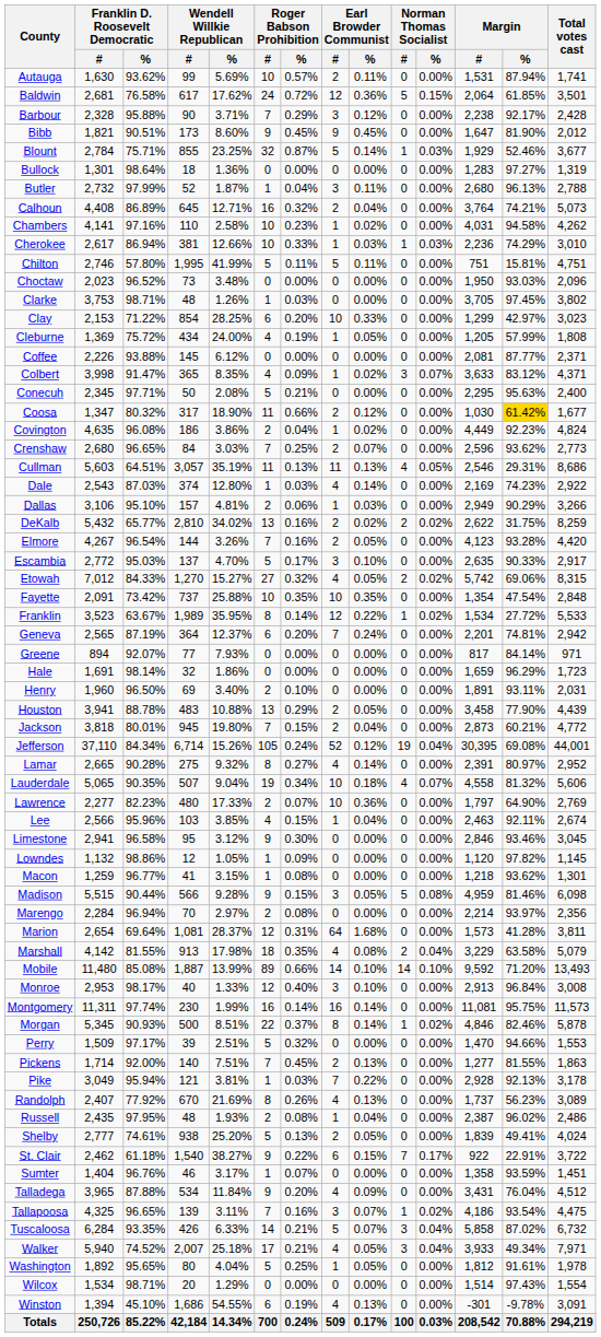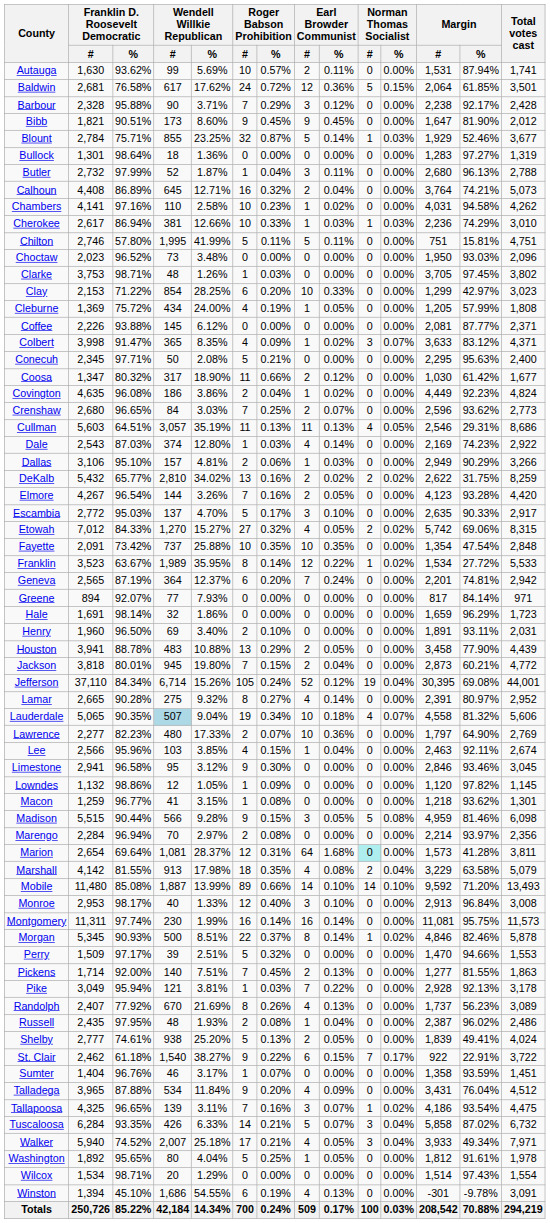 <table width="60%" class="wikitable sortable">
 <tr>
 <th rowspan="2">County</th>
 <th colspan="2">Franklin D. Roosevelt<br>Democratic</th>
 <th colspan="2">Wendell Willkie<br>Republican</th>
 <th colspan="2">Roger Babson<br>Prohibition</th>
 <th colspan="2">Earl Browder<br>Communist</th>
 <th colspan="2">Norman Thomas<br>Socialist</th>
 <th colspan="2">Margin</th>
 <th rowspan="2">Total votes cast</th>
 </tr>
 <tr>
 <th style="text-align:center;" data-sort-type="number">#</th>
 <th style="text-align:center;" data-sort-type="number">%</th>
 <th style="text-align:center;" data-sort-type="number">#</th>
 <th style="text-align:center;" data-sort-type="number">%</th>
 <th style="text-align:center;" data-sort-type="number">#</th>
 <th style="text-align:center;" data-sort-type="number">%</th>
 <th style="text-align:center;" data-sort-type="number">#</th>
 <th style="text-align:center;" data-sort-type="number">%</th>
 <th style="text-align:center;" data-sort-type="number">#</th>
 <th style="text-align:center;" data-sort-type="number">%</th>
 <th style="text-align:center;" data-sort-type="number">#</th>
 <th style="text-align:center;" data-sort-type="number">%</th>
 </tr>
 <tr style="text-align:center;">
 <td><a href='#'>Autauga</a></td>
 <td>1,630</td>
 <td>93.62%</td>
 <td>99</td>
 <td>5.69%</td>
 <td>10</td>
 <td>0.57%</td>
 <td>2</td>
 <td>0.11%</td>
 <td>0</td>
 <td>0.00%</td>
 <td>1,531</td>
 <td>87.94%</td>
 <td>1,741</td>
 </tr>
 <tr style="text-align:center;">
 <td><a href='#'>Baldwin</a></td>
 <td>2,681</td>
 <td>76.58%</td>
 <td>617</td>
 <td>17.62%</td>
 <td>24</td>
 <td>0.72%</td>
 <td>12</td>
 <td>0.36%</td>
 <td>5</td>
 <td>0.15%</td>
 <td>2,064</td>
 <td>61.85%</td>
 <td>3,501</td>
 </tr>
 <tr style="text-align:center;">
 <td><a href='#'>Barbour</a></td>
 <td>2,328</td>
 <td>95.88%</td>
 <td>90</td>
 <td>3.71%</td>
 <td>7</td>
 <td>0.29%</td>
 <td>3</td>
 <td>0.12%</td>
 <td>0</td>
 <td>0.00%</td>
 <td>2,238</td>
 <td>92.17%</td>
 <td>2,428</td>
 </tr>
 <tr style="text-align:center;">
 <td><a href='#'>Bibb</a></td>
 <td>1,821</td>
 <td>90.51%</td>
 <td>173</td>
 <td>8.60%</td>
 <td>9</td>
 <td>0.45%</td>
 <td>9</td>
 <td>0.45%</td>
 <td>0</td>
 <td>0.00%</td>
 <td>1,647</td>
 <td>81.90%</td>
 <td>2,012</td>
 </tr>
 <tr style="text-align:center;">
 <td><a href='#'>Blount</a></td>
 <td>2,784</td>
 <td>75.71%</td>
 <td>855</td>
 <td>23.25%</td>
 <td>32</td>
 <td>0.87%</td>
 <td>5</td>
 <td>0.14%</td>
 <td>1</td>
 <td>0.03%</td>
 <td>1,929</td>
 <td>52.46%</td>
 <td>3,677</td>
 </tr>
 <tr style="text-align:center;">
 <td><a href='#'>Bullock</a></td>
 <td>1,301</td>
 <td>98.64%</td>
 <td>18</td>
 <td>1.36%</td>
 <td>0</td>
 <td>0.00%</td>
 <td>0</td>
 <td>0.00%</td>
 <td>0</td>
 <td>0.00%</td>
 <td>1,283</td>
 <td>97.27%</td>
 <td>1,319</td>
 </tr>
 <tr style="text-align:center;">
 <td><a href='#'>Butler</a></td>
 <td>2,732</td>
 <td>97.99%</td>
 <td>52</td>
 <td>1.87%</td>
 <td>1</td>
 <td>0.04%</td>
 <td>3</td>
 <td>0.11%</td>
 <td>0</td>
 <td>0.00%</td>
 <td>2,680</td>
 <td>96.13%</td>
 <td>2,788</td>
 </tr>
 <tr style="text-align:center;">
 <td><a href='#'>Calhoun</a></td>
 <td>4,408</td>
 <td>86.89%</td>
 <td>645</td>
 <td>12.71%</td>
 <td>16</td>
 <td>0.32%</td>
 <td>2</td>
 <td>0.04%</td>
 <td>0</td>
 <td>0.00%</td>
 <td>3,764</td>
 <td>74.21%</td>
 <td>5,073</td>
 </tr>
 <tr style="text-align:center;">
 <td><a href='#'>Chambers</a></td>
 <td>4,141</td>
 <td>97.16%</td>
 <td>110</td>
 <td>2.58%</td>
 <td>10</td>
 <td>0.23%</td>
 <td>1</td>
 <td>0.02%</td>
 <td>0</td>
 <td>0.00%</td>
 <td>4,031</td>
 <td>94.58%</td>
 <td>4,262</td>
 </tr>
 <tr style="text-align:center;">
 <td><a href='#'>Cherokee</a></td>
 <td>2,617</td>
 <td>86.94%</td>
 <td>381</td>
 <td>12.66%</td>
 <td>10</td>
 <td>0.33%</td>
 <td>1</td>
 <td>0.03%</td>
 <td>1</td>
 <td>0.03%</td>
 <td>2,236</td>
 <td>74.29%</td>
 <td>3,010</td>
 </tr>
 <tr style="text-align:center;">
 <td><a href='#'>Chilton</a></td>
 <td>2,746</td>
 <td>57.80%</td>
 <td>1,995</td>
 <td>41.99%</td>
 <td>5</td>
 <td>0.11%</td>
 <td>5</td>
 <td>0.11%</td>
 <td>0</td>
 <td>0.00%</td>
 <td>751</td>
 <td>15.81%</td>
 <td>4,751</td>
 </tr>
 <tr style="text-align:center;">
 <td><a href='#'>Choctaw</a></td>
 <td>2,023</td>
 <td>96.52%</td>
 <td>73</td>
 <td>3.48%</td>
 <td>0</td>
 <td>0.00%</td>
 <td>0</td>
 <td>0.00%</td>
 <td>0</td>
 <td>0.00%</td>
 <td>1,950</td>
 <td>93.03%</td>
 <td>2,096</td>
 </tr>
 <tr style="text-align:center;">
 <td><a href='#'>Clarke</a></td>
 <td>3,753</td>
 <td>98.71%</td>
 <td>48</td>
 <td>1.26%</td>
 <td>1</td>
 <td>0.03%</td>
 <td>0</td>
 <td>0.00%</td>
 <td>0</td>
 <td>0.00%</td>
 <td>3,705</td>
 <td>97.45%</td>
 <td>3,802</td>
 </tr>
 <tr style="text-align:center;">
 <td><a href='#'>Clay</a></td>
 <td>2,153</td>
 <td>71.22%</td>
 <td>854</td>
 <td>28.25%</td>
 <td>6</td>
 <td>0.20%</td>
 <td>10</td>
 <td>0.33%</td>
 <td>0</td>
 <td>0.00%</td>
 <td>1,299</td>
 <td>42.97%</td>
 <td>3,023</td>
 </tr>
 <tr style="text-align:center;">
 <td><a href='#'>Cleburne</a></td>
 <td>1,369</td>
 <td>75.72%</td>
 <td>434</td>
 <td>24.00%</td>
 <td>4</td>
 <td>0.19%</td>
 <td>1</td>
 <td>0.05%</td>
 <td>0</td>
 <td>0.00%</td>
 <td>1,205</td>
 <td>57.99%</td>
 <td>1,808</td>
 </tr>
 <tr style="text-align:center;">
 <td><a href='#'>Coffee</a></td>
 <td>2,226</td>
 <td>93.88%</td>
 <td>145</td>
 <td>6.12%</td>
 <td>0</td>
 <td>0.00%</td>
 <td>0</td>
 <td>0.00%</td>
 <td>0</td>
 <td>0.00%</td>
 <td>2,081</td>
 <td>87.77%</td>
 <td>2,371</td>
 </tr>
 <tr style="text-align:center;">
 <td><a href='#'>Colbert</a></td>
 <td>3,998</td>
 <td>91.47%</td>
 <td>365</td>
 <td>8.35%</td>
 <td>4</td>
 <td>0.09%</td>
 <td>1</td>
 <td>0.02%</td>
 <td>3</td>
 <td>0.07%</td>
 <td>3,633</td>
 <td>83.12%</td>
 <td>4,371</td>
 </tr>
 <tr style="text-align:center;">
 <td><a href='#'>Conecuh</a></td>
 <td>2,345</td>
 <td>97.71%</td>
 <td>50</td>
 <td>2.08%</td>
 <td>5</td>
 <td>0.21%</td>
 <td>0</td>
 <td>0.00%</td>
 <td>0</td>
 <td>0.00%</td>
 <td>2,295</td>
 <td>95.63%</td>
 <td>2,400</td>
 </tr>
 <tr style="text-align:center;">
 <td><a href='#'>Coosa</a></td>
 <td>1,347</td>
 <td>80.32%</td>
 <td>317</td>
 <td>18.90%</td>
 <td>11</td>
 <td>0.66%</td>
 <td>2</td>
 <td>0.12%</td>
 <td>0</td>
 <td>0.00%</td>
 <td>1,030</td>
-<td style="background: gold;">61.42%</td>
+<td>61.42%</td>
 <td>1,677</td>
 </tr>
 <tr style="text-align:center;">
 <td><a href='#'>Covington</a></td>
 <td>4,635</td>
 <td>96.08%</td>
 <td>186</td>
 <td>3.86%</td>
 <td>2</td>
 <td>0.04%</td>
 <td>1</td>
 <td>0.02%</td>
 <td>0</td>
 <td>0.00%</td>
 <td>4,449</td>
 <td>92.23%</td>
 <td>4,824</td>
 </tr>
 <tr style="text-align:center;">
 <td><a href='#'>Crenshaw</a></td>
 <td>2,680</td>
 <td>96.65%</td>
 <td>84</td>
 <td>3.03%</td>
 <td>7</td>
 <td>0.25%</td>
 <td>2</td>
 <td>0.07%</td>
 <td>0</td>
 <td>0.00%</td>
 <td>2,596</td>
 <td>93.62%</td>
 <td>2,773</td>
 </tr>
 <tr style="text-align:center;">
 <td><a href='#'>Cullman</a></td>
 <td>5,603</td>
 <td>64.51%</td>
 <td>3,057</td>
 <td>35.19%</td>
 <td>11</td>
 <td>0.13%</td>
 <td>11</td>
 <td>0.13%</td>
 <td>4</td>
 <td>0.05%</td>
 <td>2,546</td>
 <td>29.31%</td>
 <td>8,686</td>
 </tr>
 <tr style="text-align:center;">
 <td><a href='#'>Dale</a></td>
 <td>2,543</td>
 <td>87.03%</td>
 <td>374</td>
 <td>12.80%</td>
 <td>1</td>
 <td>0.03%</td>
 <td>4</td>
 <td>0.14%</td>
 <td>0</td>
 <td>0.00%</td>
 <td>2,169</td>
 <td>74.23%</td>
 <td>2,922</td>
 </tr>
 <tr style="text-align:center;">
 <td><a href='#'>Dallas</a></td>
 <td>3,106</td>
 <td>95.10%</td>
 <td>157</td>
 <td>4.81%</td>
 <td>2</td>
 <td>0.06%</td>
 <td>1</td>
 <td>0.03%</td>
 <td>0</td>
 <td>0.00%</td>
 <td>2,949</td>
 <td>90.29%</td>
 <td>3,266</td>
 </tr>
 <tr style="text-align:center;">
 <td><a href='#'>DeKalb</a></td>
 <td>5,432</td>
 <td>65.77%</td>
 <td>2,810</td>
 <td>34.02%</td>
 <td>13</td>
 <td>0.16%</td>
 <td>2</td>
 <td>0.02%</td>
 <td>2</td>
 <td>0.02%</td>
 <td>2,622</td>
 <td>31.75%</td>
 <td>8,259</td>
 </tr>
 <tr style="text-align:center;">
 <td><a href='#'>Elmore</a></td>
 <td>4,267</td>
 <td>96.54%</td>
 <td>144</td>
 <td>3.26%</td>
 <td>7</td>
 <td>0.16%</td>
 <td>2</td>
 <td>0.05%</td>
 <td>0</td>
 <td>0.00%</td>
 <td>4,123</td>
 <td>93.28%</td>
 <td>4,420</td>
 </tr>
 <tr style="text-align:center;">
 <td><a href='#'>Escambia</a></td>
 <td>2,772</td>
 <td>95.03%</td>
 <td>137</td>
 <td>4.70%</td>
 <td>5</td>
 <td>0.17%</td>
 <td>3</td>
 <td>0.10%</td>
 <td>0</td>
 <td>0.00%</td>
 <td>2,635</td>
 <td>90.33%</td>
 <td>2,917</td>
 </tr>
 <tr style="text-align:center;">
 <td><a href='#'>Etowah</a></td>
 <td>7,012</td>
 <td>84.33%</td>
 <td>1,270</td>
 <td>15.27%</td>
 <td>27</td>
 <td>0.32%</td>
 <td>4</td>
 <td>0.05%</td>
 <td>2</td>
 <td>0.02%</td>
 <td>5,742</td>
 <td>69.06%</td>
 <td>8,315</td>
 </tr>
 <tr style="text-align:center;">
 <td><a href='#'>Fayette</a></td>
 <td>2,091</td>
 <td>73.42%</td>
 <td>737</td>
 <td>25.88%</td>
 <td>10</td>
 <td>0.35%</td>
 <td>10</td>
 <td>0.35%</td>
 <td>0</td>
 <td>0.00%</td>
 <td>1,354</td>
 <td>47.54%</td>
 <td>2,848</td>
 </tr>
 <tr style="text-align:center;">
 <td><a href='#'>Franklin</a></td>
 <td>3,523</td>
 <td>63.67%</td>
 <td>1,989</td>
 <td>35.95%</td>
 <td>8</td>
 <td>0.14%</td>
 <td>12</td>
 <td>0.22%</td>
 <td>1</td>
 <td>0.02%</td>
 <td>1,534</td>
 <td>27.72%</td>
 <td>5,533</td>
 </tr>
 <tr style="text-align:center;">
 <td><a href='#'>Geneva</a></td>
 <td>2,565</td>
 <td>87.19%</td>
 <td>364</td>
 <td>12.37%</td>
 <td>6</td>
 <td>0.20%</td>
 <td>7</td>
 <td>0.24%</td>
 <td>0</td>
 <td>0.00%</td>
 <td>2,201</td>
 <td>74.81%</td>
 <td>2,942</td>
 </tr>
 <tr style="text-align:center;">
 <td><a href='#'>Greene</a></td>
 <td>894</td>
 <td>92.07%</td>
 <td>77</td>
 <td>7.93%</td>
 <td>0</td>
 <td>0.00%</td>
 <td>0</td>
 <td>0.00%</td>
 <td>0</td>
 <td>0.00%</td>
 <td>817</td>
 <td>84.14%</td>
 <td>971</td>
 </tr>
 <tr style="text-align:center;">
 <td><a href='#'>Hale</a></td>
 <td>1,691</td>
 <td>98.14%</td>
 <td>32</td>
 <td>1.86%</td>
 <td>0</td>
 <td>0.00%</td>
 <td>0</td>
 <td>0.00%</td>
 <td>0</td>
 <td>0.00%</td>
 <td>1,659</td>
 <td>96.29%</td>
 <td>1,723</td>
 </tr>
 <tr style="text-align:center;">
 <td><a href='#'>Henry</a></td>
 <td>1,960</td>
 <td>96.50%</td>
 <td>69</td>
 <td>3.40%</td>
 <td>2</td>
 <td>0.10%</td>
 <td>0</td>
 <td>0.00%</td>
 <td>0</td>
 <td>0.00%</td>
 <td>1,891</td>
 <td>93.11%</td>
 <td>2,031</td>
 </tr>
 <tr style="text-align:center;">
 <td><a href='#'>Houston</a></td>
 <td>3,941</td>
 <td>88.78%</td>
 <td>483</td>
 <td>10.88%</td>
 <td>13</td>
 <td>0.29%</td>
 <td>2</td>
 <td>0.05%</td>
 <td>0</td>
 <td>0.00%</td>
 <td>3,458</td>
 <td>77.90%</td>
 <td>4,439</td>
 </tr>
 <tr style="text-align:center;">
 <td><a href='#'>Jackson</a></td>
 <td>3,818</td>
 <td>80.01%</td>
 <td>945</td>
 <td>19.80%</td>
 <td>7</td>
 <td>0.15%</td>
 <td>2</td>
 <td>0.04%</td>
 <td>0</td>
 <td>0.00%</td>
 <td>2,873</td>
 <td>60.21%</td>
 <td>4,772</td>
 </tr>
 <tr style="text-align:center;">
 <td><a href='#'>Jefferson</a></td>
 <td>37,110</td>
 <td>84.34%</td>
 <td>6,714</td>
 <td>15.26%</td>
 <td>105</td>
 <td>0.24%</td>
 <td>52</td>
 <td>0.12%</td>
 <td>19</td>
 <td>0.04%</td>
 <td>30,395</td>
 <td>69.08%</td>
 <td>44,001</td>
 </tr>
 <tr style="text-align:center;">
 <td><a href='#'>Lamar</a></td>
 <td>2,665</td>
 <td>90.28%</td>
 <td>275</td>
 <td>9.32%</td>
 <td>8</td>
 <td>0.27%</td>
 <td>4</td>
 <td>0.14%</td>
 <td>0</td>
 <td>0.00%</td>
 <td>2,391</td>
 <td>80.97%</td>
 <td>2,952</td>
 </tr>
 <tr style="text-align:center;">
 <td><a href='#'>Lauderdale</a></td>
 <td>5,065</td>
 <td>90.35%</td>
-<td>507</td>
+<td style="background: lightblue;">507</td>
 <td>9.04%</td>
 <td>19</td>
 <td>0.34%</td>
 <td>10</td>
 <td>0.18%</td>
 <td>4</td>
 <td>0.07%</td>
 <td>4,558</td>
 <td>81.32%</td>
 <td>5,606</td>
 </tr>
 <tr style="text-align:center;">
 <td><a href='#'>Lawrence</a></td>
 <td>2,277</td>
 <td>82.23%</td>
 <td>480</td>
 <td>17.33%</td>
 <td>2</td>
 <td>0.07%</td>
 <td>10</td>
 <td>0.36%</td>
 <td>0</td>
 <td>0.00%</td>
 <td>1,797</td>
 <td>64.90%</td>
 <td>2,769</td>
 </tr>
 <tr style="text-align:center;">
 <td><a href='#'>Lee</a></td>
 <td>2,566</td>
 <td>95.96%</td>
 <td>103</td>
 <td>3.85%</td>
 <td>4</td>
 <td>0.15%</td>
 <td>1</td>
 <td>0.04%</td>
 <td>0</td>
 <td>0.00%</td>
 <td>2,463</td>
 <td>92.11%</td>
 <td>2,674</td>
 </tr>
 <tr style="text-align:center;">
 <td><a href='#'>Limestone</a></td>
 <td>2,941</td>
 <td>96.58%</td>
 <td>95</td>
 <td>3.12%</td>
 <td>9</td>
 <td>0.30%</td>
 <td>0</td>
 <td>0.00%</td>
 <td>0</td>
 <td>0.00%</td>
 <td>2,846</td>
 <td>93.46%</td>
 <td>3,045</td>
 </tr>
 <tr style="text-align:center;">
 <td><a href='#'>Lowndes</a></td>
 <td>1,132</td>
 <td>98.86%</td>
 <td>12</td>
 <td>1.05%</td>
 <td>1</td>
 <td>0.09%</td>
 <td>0</td>
 <td>0.00%</td>
 <td>0</td>
 <td>0.00%</td>
 <td>1,120</td>
 <td>97.82%</td>
 <td>1,145</td>
 </tr>
 <tr style="text-align:center;">
 <td><a href='#'>Macon</a></td>
 <td>1,259</td>
 <td>96.77%</td>
 <td>41</td>
 <td>3.15%</td>
 <td>1</td>
 <td>0.08%</td>
 <td>0</td>
 <td>0.00%</td>
 <td>0</td>
 <td>0.00%</td>
 <td>1,218</td>
 <td>93.62%</td>
 <td>1,301</td>
 </tr>
 <tr style="text-align:center;">
 <td><a href='#'>Madison</a></td>
 <td>5,515</td>
 <td>90.44%</td>
 <td>566</td>
 <td>9.28%</td>
 <td>9</td>
 <td>0.15%</td>
 <td>3</td>
 <td>0.05%</td>
 <td>5</td>
 <td>0.08%</td>
 <td>4,959</td>
 <td>81.46%</td>
 <td>6,098</td>
 </tr>
 <tr style="text-align:center;">
 <td><a href='#'>Marengo</a></td>
 <td>2,284</td>
 <td>96.94%</td>
 <td>70</td>
 <td>2.97%</td>
 <td>2</td>
 <td>0.08%</td>
 <td>0</td>
 <td>0.00%</td>
 <td>0</td>
 <td>0.00%</td>
 <td>2,214</td>
 <td>93.97%</td>
 <td>2,356</td>
 </tr>
 <tr style="text-align:center;">
 <td><a href='#'>Marion</a></td>
 <td>2,654</td>
 <td>69.64%</td>
 <td>1,081</td>
 <td>28.37%</td>
 <td>12</td>
 <td>0.31%</td>
 <td>64</td>
 <td>1.68%</td>
-<td>0</td>
+<td style="background: paleturquoise;">0</td>
 <td>0.00%</td>
 <td>1,573</td>
 <td>41.28%</td>
 <td>3,811</td>
 </tr>
 <tr style="text-align:center;">
 <td><a href='#'>Marshall</a></td>
 <td>4,142</td>
 <td>81.55%</td>
 <td>913</td>
 <td>17.98%</td>
 <td>18</td>
 <td>0.35%</td>
 <td>4</td>
 <td>0.08%</td>
 <td>2</td>
 <td>0.04%</td>
 <td>3,229</td>
 <td>63.58%</td>
 <td>5,079</td>
 </tr>
 <tr style="text-align:center;">
 <td><a href='#'>Mobile</a></td>
 <td>11,480</td>
 <td>85.08%</td>
 <td>1,887</td>
 <td>13.99%</td>
 <td>89</td>
 <td>0.66%</td>
 <td>14</td>
 <td>0.10%</td>
 <td>14</td>
 <td>0.10%</td>
 <td>9,592</td>
 <td>71.20%</td>
 <td>13,493</td>
 </tr>
 <tr style="text-align:center;">
 <td><a href='#'>Monroe</a></td>
 <td>2,953</td>
 <td>98.17%</td>
 <td>40</td>
 <td>1.33%</td>
 <td>12</td>
 <td>0.40%</td>
 <td>3</td>
 <td>0.10%</td>
 <td>0</td>
 <td>0.00%</td>
 <td>2,913</td>
 <td>96.84%</td>
 <td>3,008</td>
 </tr>
 <tr style="text-align:center;">
 <td><a href='#'>Montgomery</a></td>
 <td>11,311</td>
 <td>97.74%</td>
 <td>230</td>
 <td>1.99%</td>
 <td>16</td>
 <td>0.14%</td>
 <td>16</td>
 <td>0.14%</td>
 <td>0</td>
 <td>0.00%</td>
 <td>11,081</td>
 <td>95.75%</td>
 <td>11,573</td>
 </tr>
 <tr style="text-align:center;">
 <td><a href='#'>Morgan</a></td>
 <td>5,345</td>
 <td>90.93%</td>
 <td>500</td>
 <td>8.51%</td>
 <td>22</td>
 <td>0.37%</td>
 <td>8</td>
 <td>0.14%</td>
 <td>1</td>
 <td>0.02%</td>
 <td>4,846</td>
 <td>82.46%</td>
 <td>5,878</td>
 </tr>
 <tr style="text-align:center;">
 <td><a href='#'>Perry</a></td>
 <td>1,509</td>
 <td>97.17%</td>
 <td>39</td>
 <td>2.51%</td>
 <td>5</td>
 <td>0.32%</td>
 <td>0</td>
 <td>0.00%</td>
 <td>0</td>
 <td>0.00%</td>
 <td>1,470</td>
 <td>94.66%</td>
 <td>1,553</td>
 </tr>
 <tr style="text-align:center;">
 <td><a href='#'>Pickens</a></td>
 <td>1,714</td>
 <td>92.00%</td>
 <td>140</td>
 <td>7.51%</td>
 <td>7</td>
 <td>0.45%</td>
 <td>2</td>
 <td>0.13%</td>
 <td>0</td>
 <td>0.00%</td>
 <td>1,277</td>
 <td>81.55%</td>
 <td>1,863</td>
 </tr>
 <tr style="text-align:center;">
 <td><a href='#'>Pike</a></td>
 <td>3,049</td>
 <td>95.94%</td>
 <td>121</td>
 <td>3.81%</td>
 <td>1</td>
 <td>0.03%</td>
 <td>7</td>
 <td>0.22%</td>
 <td>0</td>
 <td>0.00%</td>
 <td>2,928</td>
 <td>92.13%</td>
 <td>3,178</td>
 </tr>
 <tr style="text-align:center;">
 <td><a href='#'>Randolph</a></td>
 <td>2,407</td>
 <td>77.92%</td>
 <td>670</td>
 <td>21.69%</td>
 <td>8</td>
 <td>0.26%</td>
 <td>4</td>
 <td>0.13%</td>
 <td>0</td>
 <td>0.00%</td>
 <td>1,737</td>
 <td>56.23%</td>
 <td>3,089</td>
 </tr>
 <tr style="text-align:center;">
 <td><a href='#'>Russell</a></td>
 <td>2,435</td>
 <td>97.95%</td>
 <td>48</td>
 <td>1.93%</td>
 <td>2</td>
 <td>0.08%</td>
 <td>1</td>
 <td>0.04%</td>
 <td>0</td>
 <td>0.00%</td>
 <td>2,387</td>
 <td>96.02%</td>
 <td>2,486</td>
 </tr>
 <tr style="text-align:center;">
 <td><a href='#'>Shelby</a></td>
 <td>2,777</td>
 <td>74.61%</td>
 <td>938</td>
 <td>25.20%</td>
 <td>5</td>
 <td>0.13%</td>
 <td>2</td>
 <td>0.05%</td>
 <td>0</td>
 <td>0.00%</td>
 <td>1,839</td>
 <td>49.41%</td>
 <td>4,024</td>
 </tr>
 <tr style="text-align:center;">
 <td><a href='#'>St. Clair</a></td>
 <td>2,462</td>
 <td>61.18%</td>
 <td>1,540</td>
 <td>38.27%</td>
 <td>9</td>
 <td>0.22%</td>
 <td>6</td>
 <td>0.15%</td>
 <td>7</td>
 <td>0.17%</td>
 <td>922</td>
 <td>22.91%</td>
 <td>3,722</td>
 </tr>
 <tr style="text-align:center;">
 <td><a href='#'>Sumter</a></td>
 <td>1,404</td>
 <td>96.76%</td>
 <td>46</td>
 <td>3.17%</td>
 <td>1</td>
 <td>0.07%</td>
 <td>0</td>
 <td>0.00%</td>
 <td>0</td>
 <td>0.00%</td>
 <td>1,358</td>
 <td>93.59%</td>
 <td>1,451</td>
 </tr>
 <tr style="text-align:center;">
 <td><a href='#'>Talladega</a></td>
 <td>3,965</td>
 <td>87.88%</td>
 <td>534</td>
 <td>11.84%</td>
 <td>9</td>
 <td>0.20%</td>
 <td>4</td>
 <td>0.09%</td>
 <td>0</td>
 <td>0.00%</td>
 <td>3,431</td>
 <td>76.04%</td>
 <td>4,512</td>
 </tr>
 <tr style="text-align:center;">
 <td><a href='#'>Tallapoosa</a></td>
 <td>4,325</td>
 <td>96.65%</td>
 <td>139</td>
 <td>3.11%</td>
 <td>7</td>
 <td>0.16%</td>
 <td>3</td>
 <td>0.07%</td>
 <td>1</td>
 <td>0.02%</td>
 <td>4,186</td>
 <td>93.54%</td>
 <td>4,475</td>
 </tr>
 <tr style="text-align:center;">
 <td><a href='#'>Tuscaloosa</a></td>
 <td>6,284</td>
 <td>93.35%</td>
 <td>426</td>
 <td>6.33%</td>
 <td>14</td>
 <td>0.21%</td>
 <td>5</td>
 <td>0.07%</td>
 <td>3</td>
 <td>0.04%</td>
 <td>5,858</td>
 <td>87.02%</td>
 <td>6,732</td>
 </tr>
 <tr style="text-align:center;">
 <td><a href='#'>Walker</a></td>
 <td>5,940</td>
 <td>74.52%</td>
 <td>2,007</td>
 <td>25.18%</td>
 <td>17</td>
 <td>0.21%</td>
 <td>4</td>
 <td>0.05%</td>
 <td>3</td>
 <td>0.04%</td>
 <td>3,933</td>
 <td>49.34%</td>
 <td>7,971</td>
 </tr>
 <tr style="text-align:center;">
 <td><a href='#'>Washington</a></td>
 <td>1,892</td>
 <td>95.65%</td>
 <td>80</td>
 <td>4.04%</td>
 <td>5</td>
 <td>0.25%</td>
 <td>1</td>
 <td>0.05%</td>
 <td>0</td>
 <td>0.00%</td>
 <td>1,812</td>
 <td>91.61%</td>
 <td>1,978</td>
 </tr>
 <tr style="text-align:center;">
 <td><a href='#'>Wilcox</a></td>
 <td>1,534</td>
 <td>98.71%</td>
 <td>20</td>
 <td>1.29%</td>
 <td>0</td>
 <td>0.00%</td>
 <td>0</td>
 <td>0.00%</td>
 <td>0</td>
 <td>0.00%</td>
 <td>1,514</td>
 <td>97.43%</td>
 <td>1,554</td>
 </tr>
 <tr style="text-align:center;">
 <td><a href='#'>Winston</a></td>
 <td>1,394</td>
 <td>45.10%</td>
 <td>1,686</td>
 <td>54.55%</td>
 <td>6</td>
 <td>0.19%</td>
 <td>4</td>
 <td>0.13%</td>
 <td>0</td>
 <td>0.00%</td>
 <td>-301</td>
 <td>-9.78%</td>
 <td>3,091</td>
 </tr>
 <tr style="text-align:center;">
 <th>Totals</th>
 <th>250,726</th>
 <th>85.22%</th>
 <th>42,184</th>
 <th>14.34%</th>
 <th>700</th>
 <th>0.24%</th>
 <th>509</th>
 <th>0.17%</th>
 <th>100</th>
 <th>0.03%</th>
 <th>208,542</th>
 <th>70.88%</th>
 <th>294,219</th>
 </tr>
 </table>
